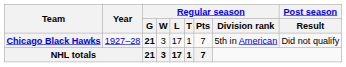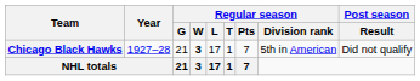 <table class="wikitable" style="font-size: 95%; text-align:center;">
 <tr>
 <th rowspan="2">Team</th>
 <th rowspan="2">Year</th>
 <th colspan="6"><a href='#'>Regular season</a></th>
 <th colspan="1"><a href='#'>Post season</a></th>
 </tr>
 <tr>
 <th>G</th>
 <th>W</th>
 <th>L</th>
 <th>T</th>
 <th>Pts</th>
 <th>Division rank</th>
 <th>Result</th>
 </tr>
 <tr>
 <th><a href='#'>Chicago Black Hawks</a></th>
 <td><a href='#'>1927–28</a></td>
-<td><strong>21</strong></td>
-<td>3</td>
+<td>21</td>
+<td><strong>3</strong></td>
 <td>17</td>
 <td>1</td>
 <td>7</td>
 <td>5th in <a href='#'>American</a></td>
 <td>Did not qualify</td>
 </tr>
 <tr>
 <th colspan="2">NHL totals</th>
 <th>21</th>
 <th>3</th>
 <th>17</th>
 <th>1</th>
 <th>7</th>
 </tr>
 </table>
